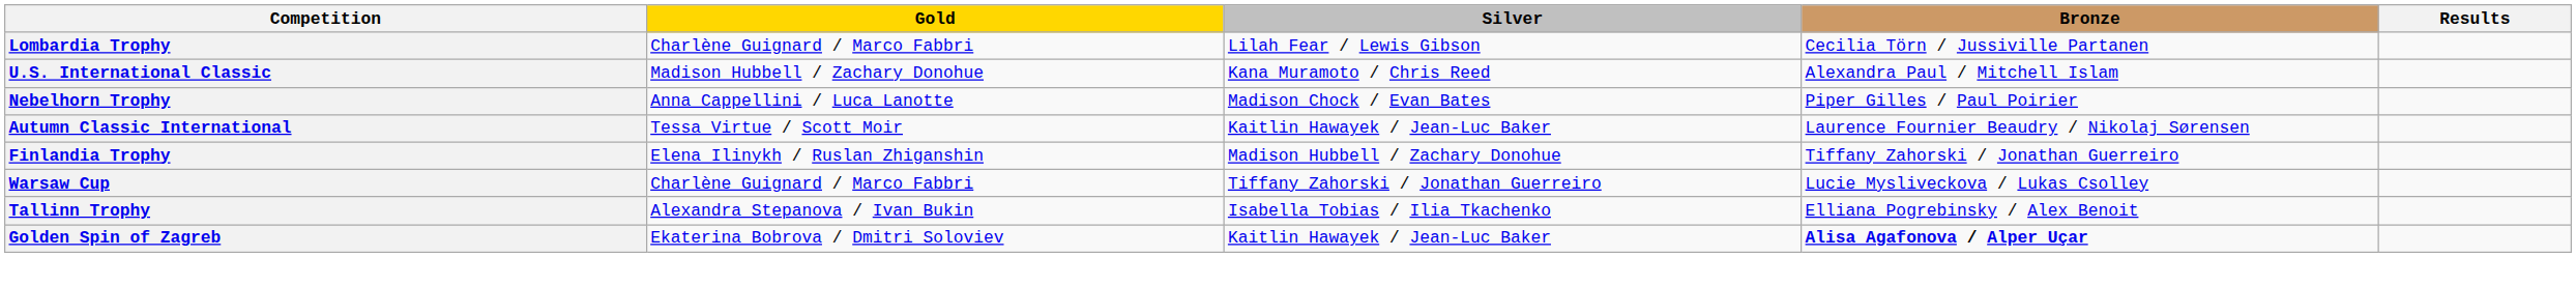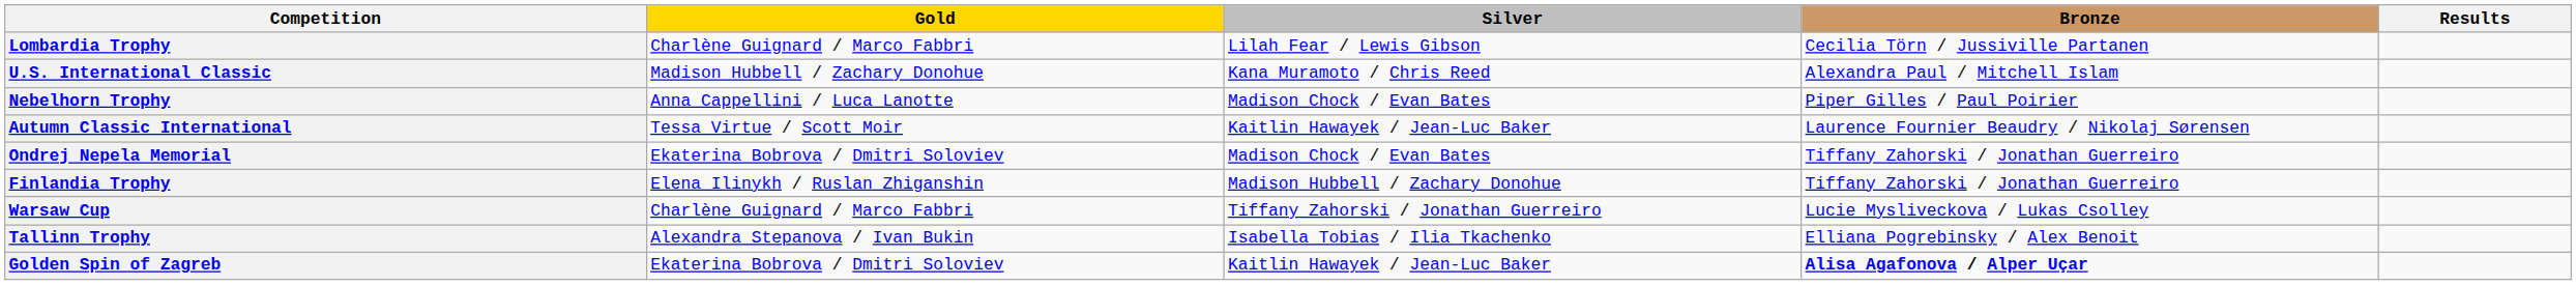 <table class="wikitable unsortable" style="text-align:left; width:100%;">
 <tr>
 <th scope="col" style="text-align:center; width:25%;">Competition</th>
 <td scope="col" style="text-align:center; width:22.5%; background:gold"><strong>Gold</strong></td>
 <td scope="col" style="text-align:center; width:22.5%; background:silver"><strong>Silver</strong></td>
 <td scope="col" style="text-align:center; width:22.5%; background:#c96"><strong>Bronze</strong></td>
 <th scope="col" style="text-align:center; width:7.5%;">Results</th>
 </tr>
 <tr>
 <th scope="row" style="text-align:left"> <a href='#'>Lombardia Trophy</a></th>
 <td> <a href='#'>Charlène Guignard</a> / <a href='#'>Marco Fabbri</a></td>
 <td> <a href='#'>Lilah Fear</a> / <a href='#'>Lewis Gibson</a></td>
 <td> <a href='#'>Cecilia Törn</a> / <a href='#'>Jussiville Partanen</a></td>
 <td></td>
 </tr>
 <tr>
 <th scope="row" style="text-align:left"> <a href='#'>U.S. International Classic</a></th>
 <td> <a href='#'>Madison Hubbell</a> / <a href='#'>Zachary Donohue</a></td>
 <td> <a href='#'>Kana Muramoto</a> / <a href='#'>Chris Reed</a></td>
 <td> <a href='#'>Alexandra Paul</a> / <a href='#'>Mitchell Islam</a></td>
 <td></td>
 </tr>
 <tr>
 <th scope="row" style="text-align:left"> <a href='#'>Nebelhorn Trophy</a></th>
 <td> <a href='#'>Anna Cappellini</a> / <a href='#'>Luca Lanotte</a></td>
 <td> <a href='#'>Madison Chock</a> / <a href='#'>Evan Bates</a></td>
 <td> <a href='#'>Piper Gilles</a> / <a href='#'>Paul Poirier</a></td>
 <td></td>
 </tr>
 <tr>
 <th scope="row" style="text-align:left"> <a href='#'>Autumn Classic International</a></th>
 <td> <a href='#'>Tessa Virtue</a> / <a href='#'>Scott Moir</a></td>
 <td> <a href='#'>Kaitlin Hawayek</a> / <a href='#'>Jean-Luc Baker</a></td>
 <td> <a href='#'>Laurence Fournier Beaudry</a> / <a href='#'>Nikolaj Sørensen</a></td>
 <td></td>
 </tr>
 <tr>
+<th scope="row" style="text-align:left"> <a href='#'>Ondrej Nepela Memorial</a></th>
+<td> <a href='#'>Ekaterina Bobrova</a> / <a href='#'>Dmitri Soloviev</a></td>
+<td> <a href='#'>Madison Chock</a> / <a href='#'>Evan Bates</a></td>
+<td> <a href='#'>Tiffany Zahorski</a> / <a href='#'>Jonathan Guerreiro</a></td>
+<td></td>
+</tr>
+<tr>
 <th scope="row" style="text-align:left"> <a href='#'>Finlandia Trophy</a></th>
 <td> <a href='#'>Elena Ilinykh</a> / <a href='#'>Ruslan Zhiganshin</a></td>
 <td> <a href='#'>Madison Hubbell</a> / <a href='#'>Zachary Donohue</a></td>
 <td> <a href='#'>Tiffany Zahorski</a> / <a href='#'>Jonathan Guerreiro</a></td>
 <td></td>
 </tr>
 <tr>
 <th scope="row" style="text-align:left"> <a href='#'>Warsaw Cup</a></th>
 <td> <a href='#'>Charlène Guignard</a> / <a href='#'>Marco Fabbri</a></td>
 <td> <a href='#'>Tiffany Zahorski</a> / <a href='#'>Jonathan Guerreiro</a></td>
 <td> <a href='#'>Lucie Mysliveckova</a> / <a href='#'>Lukas Csolley</a></td>
 <td></td>
 </tr>
 <tr>
 <th scope="row" style="text-align:left"> <a href='#'>Tallinn Trophy</a></th>
 <td> <a href='#'>Alexandra Stepanova</a> / <a href='#'>Ivan Bukin</a></td>
 <td> <a href='#'>Isabella Tobias</a> / <a href='#'>Ilia Tkachenko</a></td>
 <td> <a href='#'>Elliana Pogrebinsky</a> / <a href='#'>Alex Benoit</a></td>
 <td></td>
 </tr>
 <tr>
 <th scope="row" style="text-align:left"> <a href='#'>Golden Spin of Zagreb</a></th>
 <td> <a href='#'>Ekaterina Bobrova</a> / <a href='#'>Dmitri Soloviev</a></td>
 <td> <a href='#'>Kaitlin Hawayek</a> / <a href='#'>Jean-Luc Baker</a></td>
 <td><strong> <a href='#'>Alisa Agafonova</a> / <a href='#'>Alper Uçar</a></strong></td>
 <td></td>
 </tr>
 </table>
